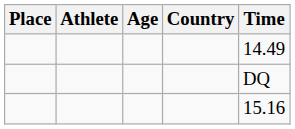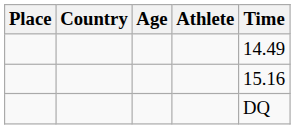 <table class="wikitable mw-datatable sortable">
 <tr>
 <th>Place</th>
+<th>Country</th>
+<th>Age</th>
 <th>Athlete</th>
-<th>Age</th>
-<th>Country</th>
 <th>Time</th>
 </tr>
 <tr>
 <td align=center></td>
 <td></td>
 <td></td>
 <td></td>
 <td>14.49</td>
 </tr>
 <tr>
 <td align=center></td>
 <td></td>
 <td></td>
 <td></td>
-<td>DQ</td>
+<td>15.16</td>
 </tr>
 <tr>
 <td align=center></td>
 <td></td>
 <td></td>
 <td></td>
-<td>15.16</td>
+<td>DQ</td>
 </tr>
 </table>
